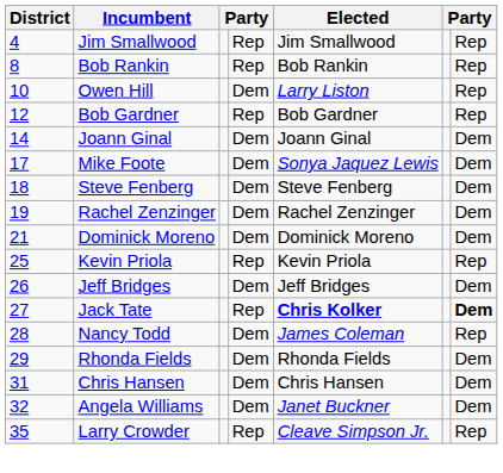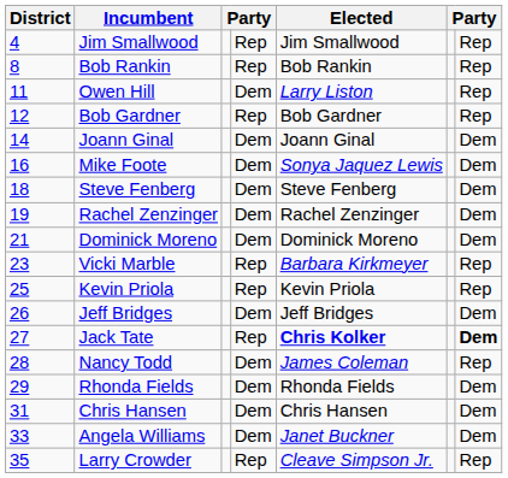 <table class="sortable wikitable" style="font-size:95%;line-height:14px;">
 <tr>
 <th class="unsortable">District</th>
 <th class="unsortable"><a href='#'>Incumbent</a></th>
 <th colspan="2">Party</th>
 <th class="unsortable">Elected</th>
 <th colspan="2">Party</th>
 </tr>
 <tr>
 <td><a href='#'>4</a></td>
 <td><a href='#'>Jim Smallwood</a></td>
 <td style="background:"></td>
 <td>Rep</td>
 <td>Jim Smallwood</td>
 <td style="background:"></td>
 <td>Rep</td>
 </tr>
 <tr>
 <td><a href='#'>8</a></td>
 <td><a href='#'>Bob Rankin</a></td>
 <td style="background:"></td>
 <td>Rep</td>
 <td>Bob Rankin</td>
 <td style="background:"></td>
 <td>Rep</td>
 </tr>
 <tr>
-<td><a href='#'>10</a></td>
+<td><a href='#'>11</a></td>
 <td><a href='#'>Owen Hill</a></td>
 <td style="background:"></td>
 <td>Dem</td>
 <td><em><a href='#'>Larry Liston</a></em></td>
 <td style="background:"></td>
 <td>Rep</td>
 </tr>
 <tr>
 <td><a href='#'>12</a></td>
 <td><a href='#'>Bob Gardner</a></td>
 <td style="background:"></td>
 <td>Rep</td>
 <td>Bob Gardner</td>
 <td style="background:"></td>
 <td>Rep</td>
 </tr>
 <tr>
 <td><a href='#'>14</a></td>
 <td><a href='#'>Joann Ginal</a></td>
 <td style="background:"></td>
 <td>Dem</td>
 <td>Joann Ginal</td>
 <td style="background:"></td>
 <td>Dem</td>
 </tr>
 <tr>
-<td><a href='#'>17</a></td>
+<td><a href='#'>16</a></td>
 <td><a href='#'>Mike Foote</a></td>
 <td style="background:"></td>
 <td>Dem</td>
 <td><em><a href='#'>Sonya Jaquez Lewis</a></em></td>
 <td style="background:"></td>
 <td>Dem</td>
 </tr>
 <tr>
 <td><a href='#'>18</a></td>
 <td><a href='#'>Steve Fenberg</a></td>
 <td style="background:"></td>
 <td>Dem</td>
 <td>Steve Fenberg</td>
 <td style="background:"></td>
 <td>Dem</td>
 </tr>
 <tr>
 <td><a href='#'>19</a></td>
 <td><a href='#'>Rachel Zenzinger</a></td>
 <td style="background:"></td>
 <td>Dem</td>
 <td>Rachel Zenzinger</td>
 <td style="background:"></td>
 <td>Dem</td>
 </tr>
 <tr>
 <td><a href='#'>21</a></td>
 <td><a href='#'>Dominick Moreno</a></td>
 <td style="background:"></td>
 <td>Dem</td>
 <td>Dominick Moreno</td>
 <td style="background:"></td>
 <td>Dem</td>
+</tr>
+<tr>
+<td><a href='#'>23</a></td>
+<td><a href='#'>Vicki Marble</a></td>
+<td style="background:"></td>
+<td>Rep</td>
+<td><em><a href='#'>Barbara Kirkmeyer</a></em></td>
+<td style="background:"></td>
+<td>Rep</td>
 </tr>
 <tr>
 <td><a href='#'>25</a></td>
 <td><a href='#'>Kevin Priola</a></td>
 <td style="background:"></td>
 <td>Rep</td>
 <td>Kevin Priola</td>
 <td style="background:"></td>
 <td>Rep</td>
 </tr>
 <tr>
 <td><a href='#'>26</a></td>
 <td><a href='#'>Jeff Bridges</a></td>
 <td style="background:"></td>
 <td>Dem</td>
 <td>Jeff Bridges</td>
 <td style="background:"></td>
 <td>Dem</td>
 </tr>
 <tr>
 <td><a href='#'>27</a></td>
 <td><a href='#'>Jack Tate</a></td>
 <td style="background:"></td>
 <td>Rep</td>
 <td><strong><a href='#'>Chris Kolker</a></strong></td>
 <td style="background:"></td>
 <td><strong>Dem</strong></td>
 </tr>
 <tr>
 <td><a href='#'>28</a></td>
 <td><a href='#'>Nancy Todd</a></td>
 <td style="background:"></td>
 <td>Dem</td>
 <td><em><a href='#'>James Coleman</a></em></td>
 <td style="background:"></td>
 <td>Rep</td>
 </tr>
 <tr>
 <td><a href='#'>29</a></td>
 <td><a href='#'>Rhonda Fields</a></td>
 <td style="background:"></td>
 <td>Dem</td>
 <td>Rhonda Fields</td>
 <td style="background:"></td>
 <td>Dem</td>
 </tr>
 <tr>
 <td><a href='#'>31</a></td>
 <td><a href='#'>Chris Hansen</a></td>
 <td style="background:"></td>
 <td>Dem</td>
 <td>Chris Hansen</td>
 <td style="background:"></td>
 <td>Dem</td>
 </tr>
 <tr>
-<td><a href='#'>32</a></td>
+<td><a href='#'>33</a></td>
 <td><a href='#'>Angela Williams</a></td>
 <td style="background:"></td>
 <td>Dem</td>
 <td><em><a href='#'>Janet Buckner</a></em></td>
 <td style="background:"></td>
 <td>Dem</td>
 </tr>
 <tr>
 <td><a href='#'>35</a></td>
 <td><a href='#'>Larry Crowder</a></td>
 <td style="background:"></td>
 <td>Rep</td>
 <td><em><a href='#'>Cleave Simpson Jr.</a></em></td>
 <td style="background:"></td>
 <td>Rep</td>
 </tr>
 </table>
